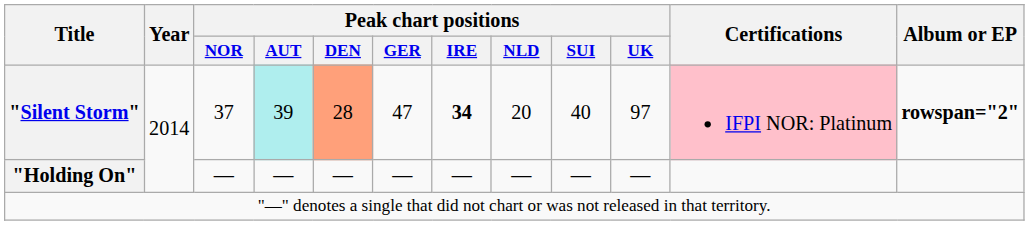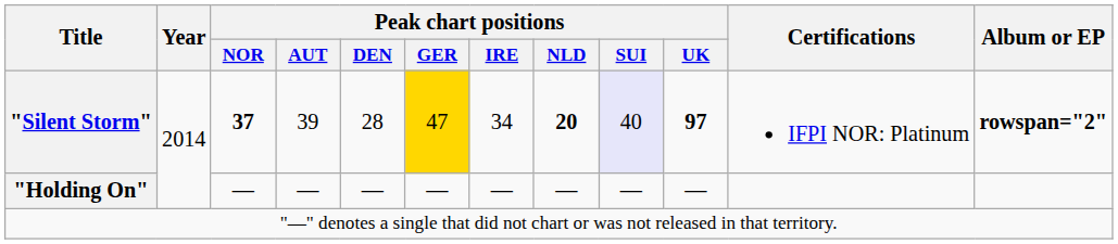 <table class="wikitable plainrowheaders" style="text-align:center;">
 <tr>
 <th scope="col" rowspan="2">Title</th>
 <th scope="col" rowspan="2">Year</th>
 <th scope="col" colspan="8">Peak chart positions</th>
 <th scope="col" rowspan="2">Certifications</th>
 <th scope="col" rowspan="2">Album or EP</th>
 </tr>
 <tr>
 <th scope="col" style="width:3em;font-size:85%;"><a href='#'>NOR</a><br></th>
 <th scope="col" style="width:3em;font-size:85%;"><a href='#'>AUT</a><br></th>
 <th scope="col" style="width:3em;font-size:85%;"><a href='#'>DEN</a><br></th>
 <th scope="col" style="width:3em;font-size:85%;"><a href='#'>GER</a><br></th>
 <th scope="col" style="width:3em;font-size:85%;"><a href='#'>IRE</a><br></th>
 <th scope="col" style="width:3em;font-size:85%;"><a href='#'>NLD</a><br></th>
 <th scope="col" style="width:3em;font-size:85%;"><a href='#'>SUI</a><br></th>
 <th scope="col" style="width:3em;font-size:85%;"><a href='#'>UK</a><br></th>
 </tr>
 <tr>
 <th scope="row">"<a href='#'>Silent Storm</a>"</th>
 <td rowspan="2">2014</td>
-<td>37</td>
-<td style="background: paleturquoise;">39</td>
-<td style="background: lightsalmon;">28</td>
-<td>47</td>
-<td><strong>34</strong></td>
-<td>20</td>
-<td>40</td>
-<td>97</td>
-<td style="background: pink;"><br><ul><li><a href='#'>IFPI</a> NOR: Platinum</li></ul></td>
+<td><strong>37</strong></td>
+<td>39</td>
+<td>28</td>
+<td style="background: gold;">47</td>
+<td>34</td>
+<td><strong>20</strong></td>
+<td style="background: lavender;">40</td>
+<td><strong>97</strong></td>
+<td><br><ul><li><a href='#'>IFPI</a> NOR: Platinum</li></ul></td>
 <td><strong>rowspan="2" </strong></td>
 </tr>
 <tr>
 <th scope="row">"Holding On"</th>
 <td>—</td>
 <td>—</td>
 <td>—</td>
 <td>—</td>
 <td>—</td>
 <td>—</td>
 <td>—</td>
 <td>—</td>
 <td></td>
 </tr>
 <tr>
 <td colspan="18" style="font-size:85%">"—" denotes a single that did not chart or was not released in that territory.</td>
 </tr>
 </table>
